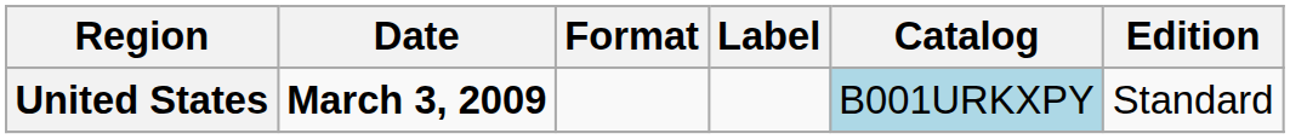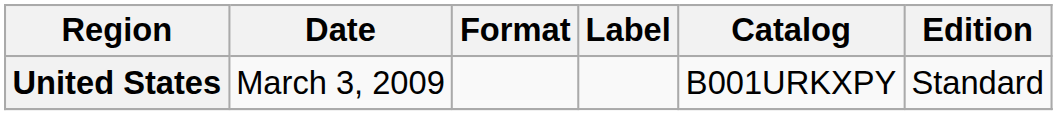 <table class="wikitable plainrowheaders">
 <tr>
 <th scope="col">Region</th>
 <th scope="col">Date</th>
 <th scope="col">Format</th>
 <th scope="col">Label</th>
 <th scope="col">Catalog</th>
 <th scope="col">Edition</th>
 </tr>
 <tr>
 <th scope="row">United States</th>
-<td rowspan=1><strong>March 3, 2009</strong></td>
+<td rowspan=1>March 3, 2009</td>
 <td rowspan=1></td>
 <td rowspan=2></td>
-<td style="background: lightblue;">B001URKXPY</td>
+<td>B001URKXPY</td>
 <td>Standard</td>
 </tr>
 <tr>
 </tr>
 </table>
